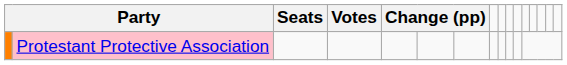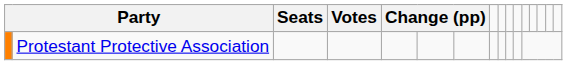 <table class="wikitable" style="text-align:right;">
 <tr>
 <th colspan="2">Party</th>
 <th>Seats</th>
 <th>Votes</th>
 <th colspan="3">Change (pp)<br></th>
 <td></td>
 <td></td>
 <td><br></td>
 <td></td>
 <td></td>
 <td><br></td>
 <td></td>
 <td></td>
 <td></td>
 </tr>
 <tr>
 <td style="background-color:#FF8000;"></td>
-<td style="background: pink; text-align:left;"><a href='#'>Protestant Protective Association</a></td>
+<td style="text-align:left;"><a href='#'>Protestant Protective Association</a></td>
 <td></td>
 <td></td>
 <td><br></td>
 <td></td>
 <td></td>
 <td><br></td>
 <td></td>
 <td></td>
 <td></td>
 </tr>
 </table>
